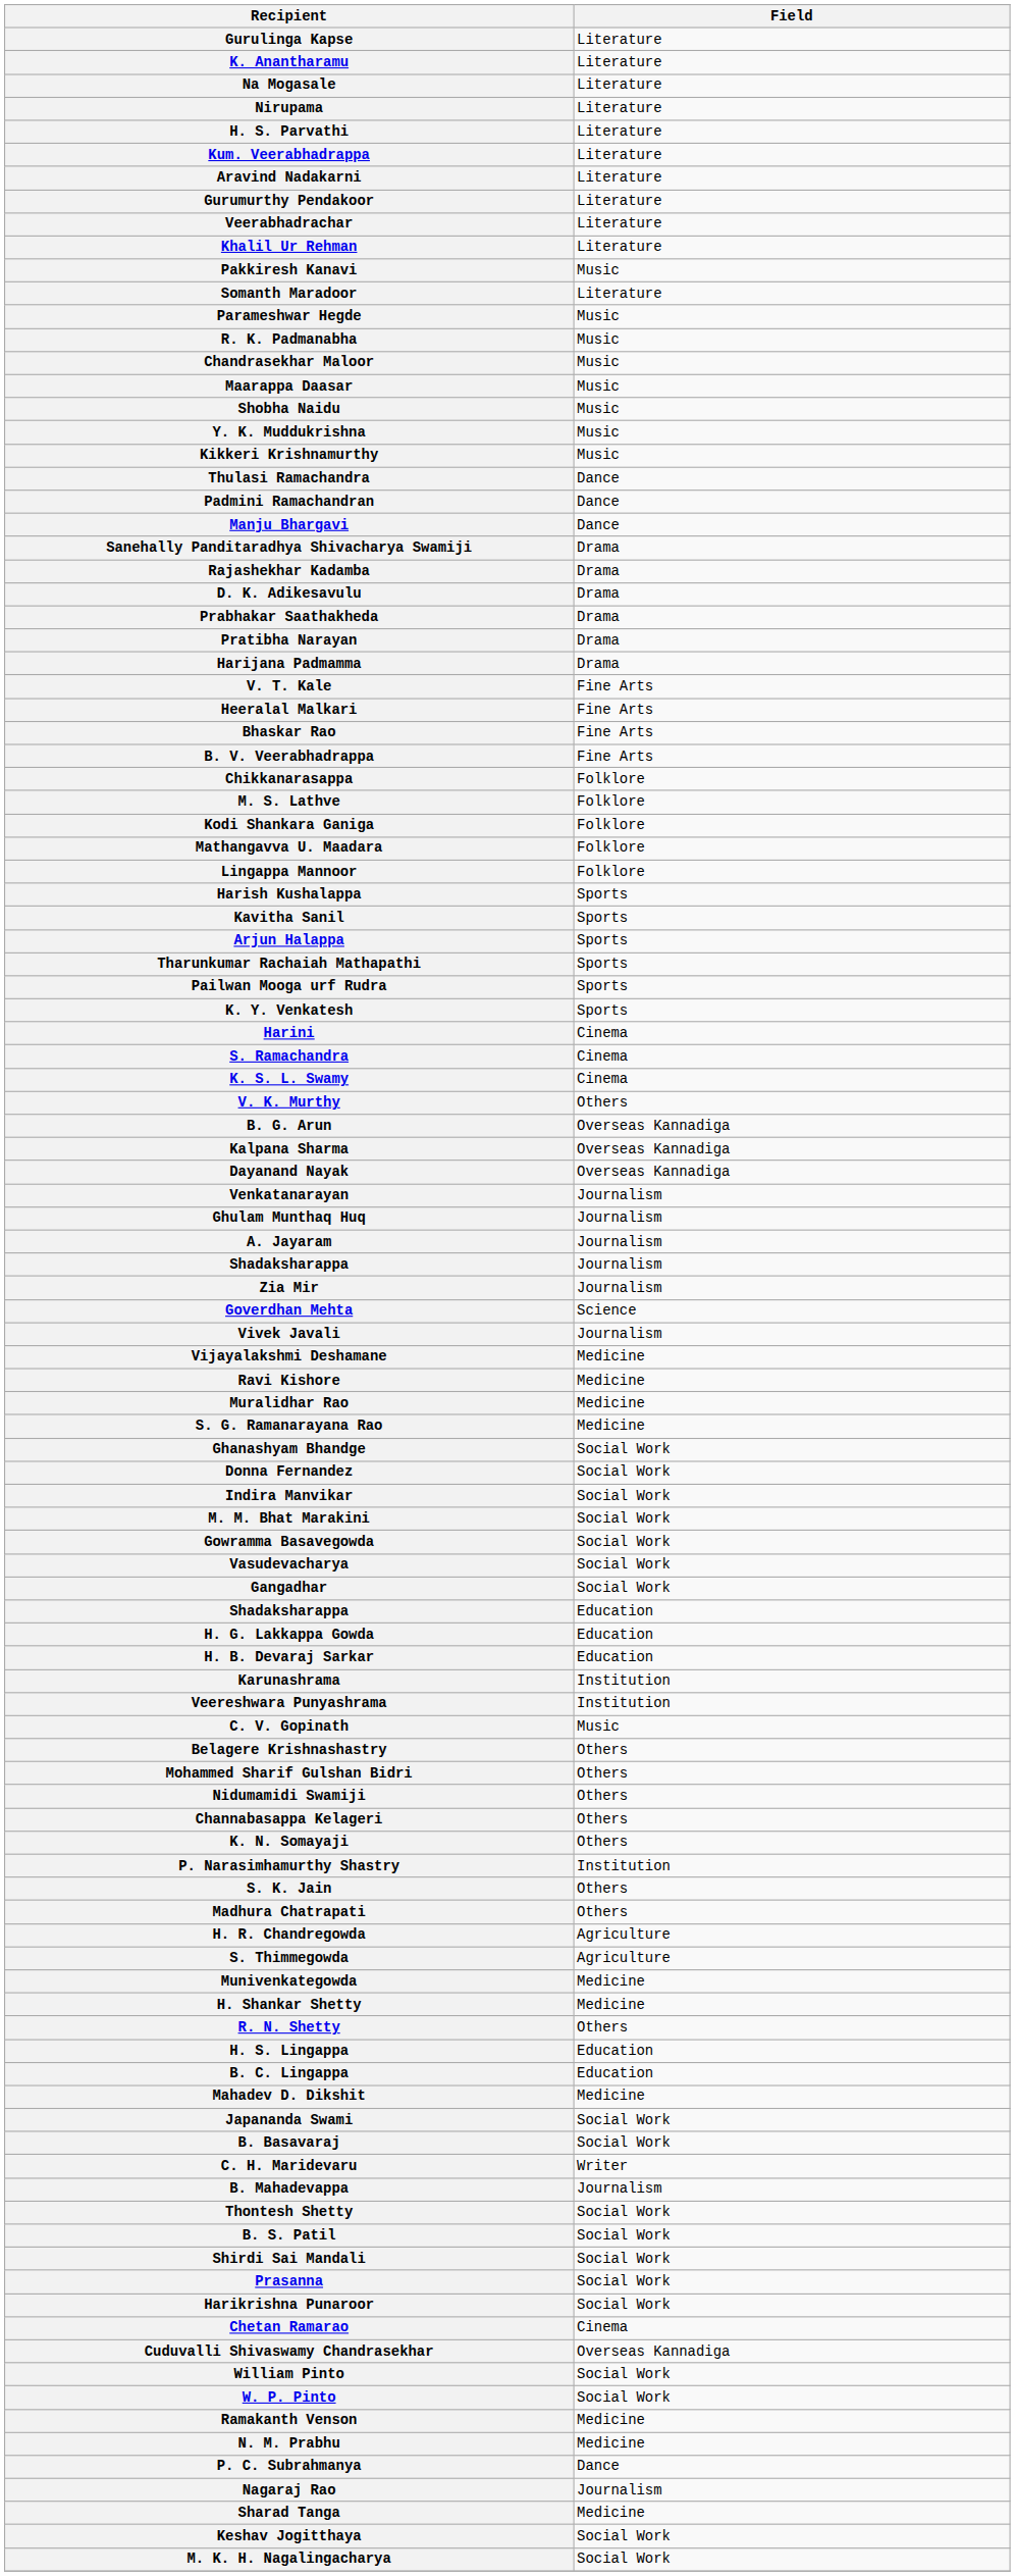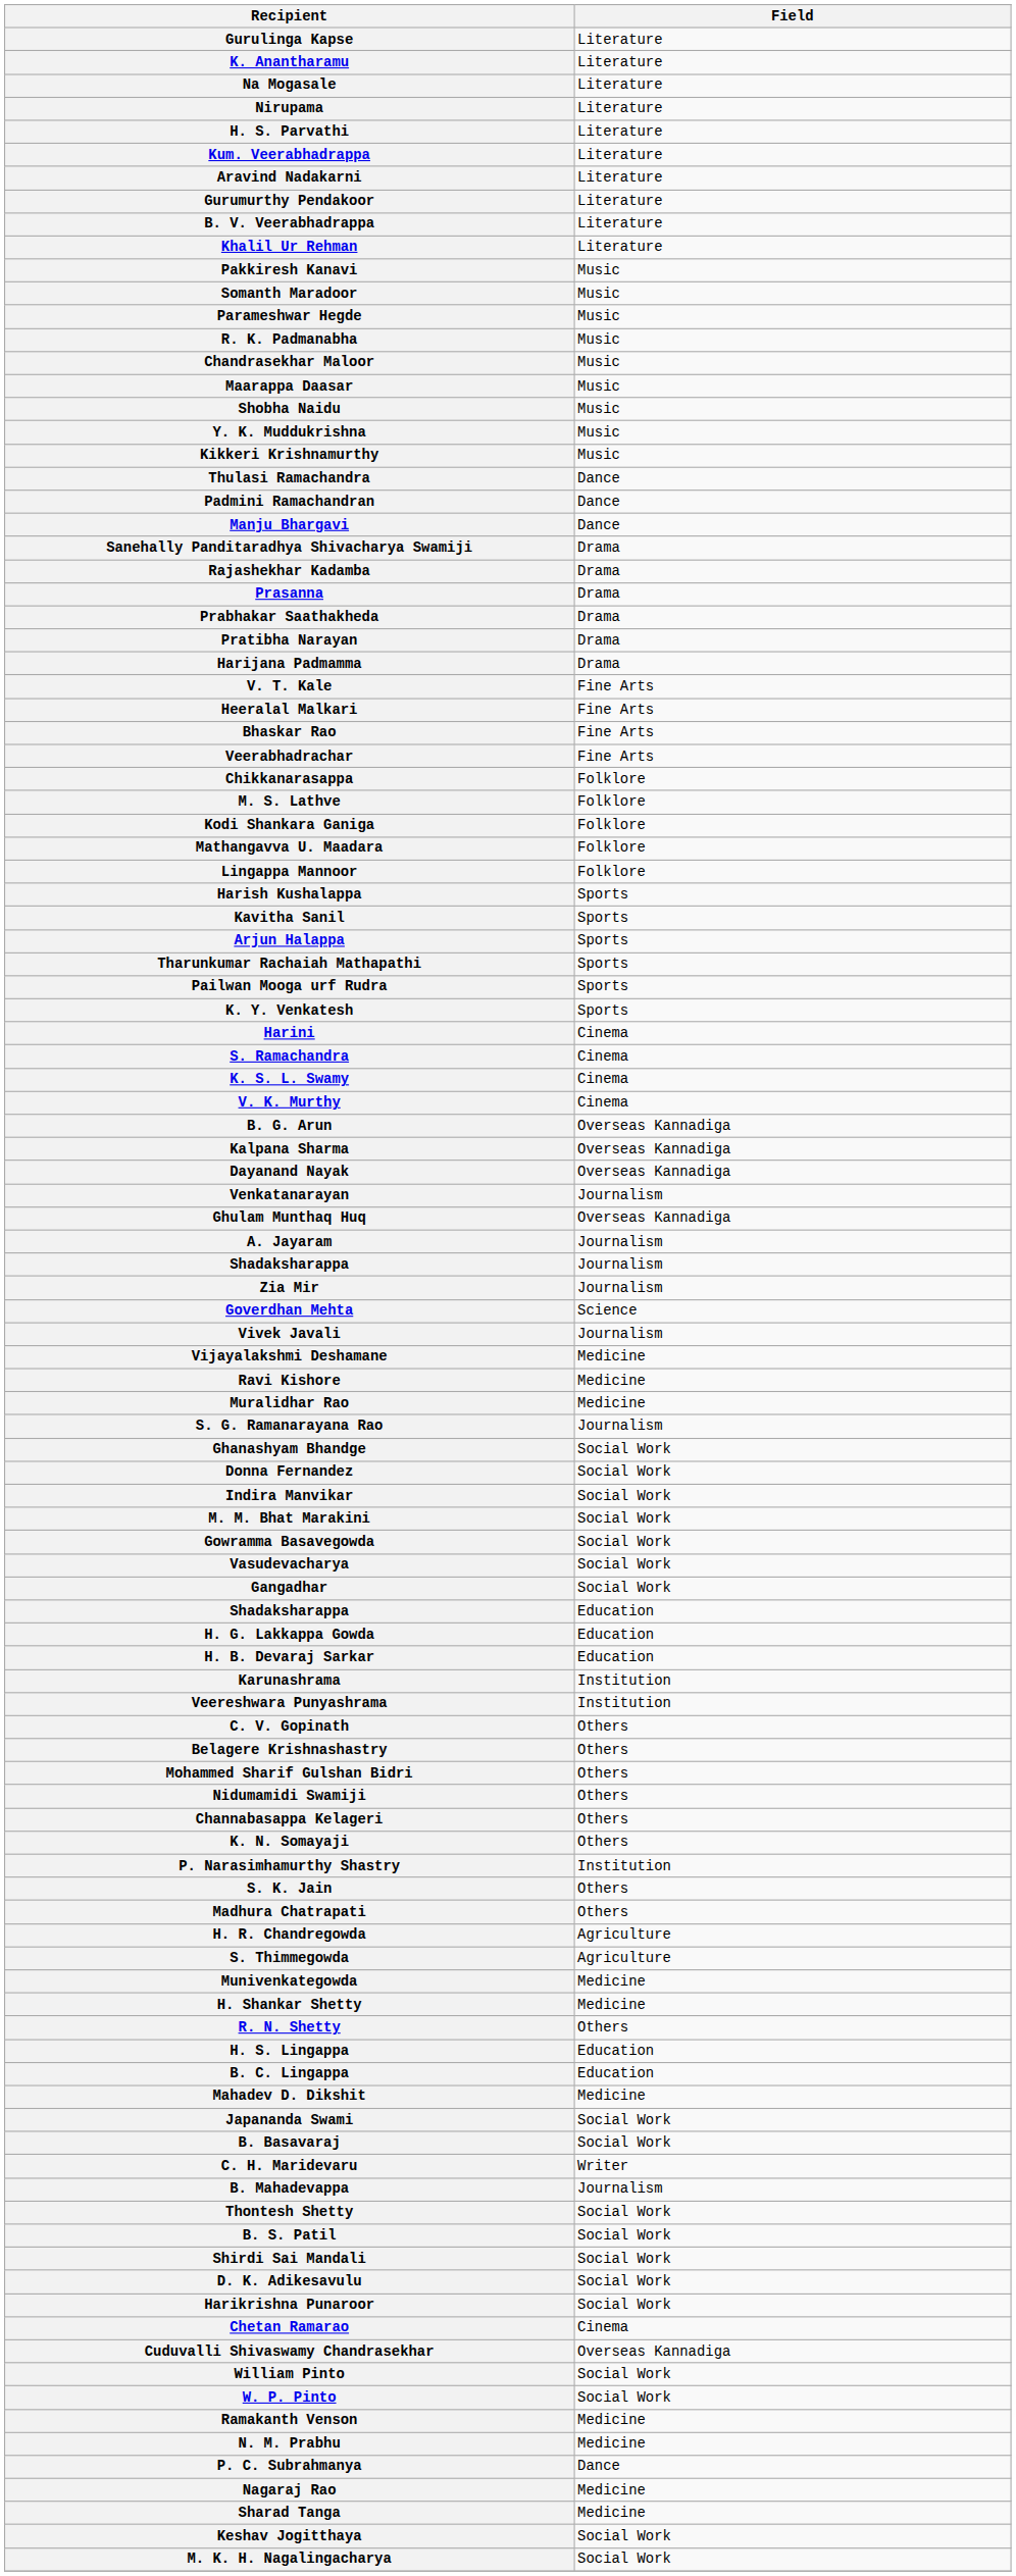 <table class="wikitable plainrowheaders sortable" style="width:73%">
 <tr>
 <th scope="col" style="width:30%">Recipient</th>
 <th scope="col" style="width:23%">Field</th>
 </tr>
 <tr>
 <th scope="row">Gurulinga Kapse</th>
 <td>Literature</td>
 </tr>
 <tr>
 <th scope="row"><a href='#'>K. Anantharamu</a></th>
 <td>Literature</td>
 </tr>
 <tr>
 <th scope="row">Na Mogasale</th>
 <td>Literature</td>
 </tr>
 <tr>
 <th scope="row">Nirupama</th>
 <td>Literature</td>
 </tr>
 <tr>
 <th scope="row">H. S. Parvathi</th>
 <td>Literature</td>
 </tr>
 <tr>
 <th scope="row"><a href='#'>Kum. Veerabhadrappa</a></th>
 <td>Literature</td>
 </tr>
 <tr>
 <th scope="row">Aravind Nadakarni</th>
 <td>Literature</td>
 </tr>
 <tr>
 <th scope="row">Gurumurthy Pendakoor</th>
 <td>Literature</td>
 </tr>
 <tr>
-<th scope="row">Veerabhadrachar</th>
+<th scope="row">B. V. Veerabhadrappa</th>
 <td>Literature</td>
 </tr>
 <tr>
 <th scope="row"><a href='#'>Khalil Ur Rehman</a></th>
 <td>Literature</td>
 </tr>
 <tr>
 <th scope="row">Pakkiresh Kanavi</th>
 <td>Music</td>
 </tr>
 <tr>
 <th scope="row">Somanth Maradoor</th>
-<td>Literature</td>
+<td>Music</td>
 </tr>
 <tr>
 <th scope="row">Parameshwar Hegde</th>
 <td>Music</td>
 </tr>
 <tr>
 <th scope="row">R. K. Padmanabha</th>
 <td>Music</td>
 </tr>
 <tr>
 <th scope="row">Chandrasekhar Maloor</th>
 <td>Music</td>
 </tr>
 <tr>
 <th scope="row">Maarappa Daasar</th>
 <td>Music</td>
 </tr>
 <tr>
 <th scope="row">Shobha Naidu</th>
 <td>Music</td>
 </tr>
 <tr>
 <th scope="row">Y. K. Muddukrishna</th>
 <td>Music</td>
 </tr>
 <tr>
 <th scope="row">Kikkeri Krishnamurthy</th>
 <td>Music</td>
 </tr>
 <tr>
 <th scope="row">Thulasi Ramachandra</th>
 <td>Dance</td>
 </tr>
 <tr>
 <th scope="row">Padmini Ramachandran</th>
 <td>Dance</td>
 </tr>
 <tr>
 <th scope="row"><a href='#'>Manju Bhargavi</a></th>
 <td>Dance</td>
 </tr>
 <tr>
 <th scope="row">Sanehally Panditaradhya Shivacharya Swamiji</th>
 <td>Drama</td>
 </tr>
 <tr>
 <th scope="row">Rajashekhar Kadamba</th>
 <td>Drama</td>
 </tr>
 <tr>
-<th scope="row">D. K. Adikesavulu</th>
+<th scope="row"><a href='#'>Prasanna</a></th>
 <td>Drama</td>
 </tr>
 <tr>
 <th scope="row">Prabhakar Saathakheda</th>
 <td>Drama</td>
 </tr>
 <tr>
 <th scope="row">Pratibha Narayan</th>
 <td>Drama</td>
 </tr>
 <tr>
 <th scope="row">Harijana Padmamma</th>
 <td>Drama</td>
 </tr>
 <tr>
 <th scope="row">V. T. Kale</th>
 <td>Fine Arts</td>
 </tr>
 <tr>
 <th scope="row">Heeralal Malkari</th>
 <td>Fine Arts</td>
 </tr>
 <tr>
 <th scope="row">Bhaskar Rao</th>
 <td>Fine Arts</td>
 </tr>
 <tr>
-<th scope="row">B. V. Veerabhadrappa</th>
+<th scope="row">Veerabhadrachar</th>
 <td>Fine Arts</td>
 </tr>
 <tr>
 <th scope="row">Chikkanarasappa</th>
 <td>Folklore</td>
 </tr>
 <tr>
 <th scope="row">M. S. Lathve</th>
 <td>Folklore</td>
 </tr>
 <tr>
 <th scope="row">Kodi Shankara Ganiga</th>
 <td>Folklore</td>
 </tr>
 <tr>
 <th scope="row">Mathangavva U. Maadara</th>
 <td>Folklore</td>
 </tr>
 <tr>
 <th scope="row">Lingappa Mannoor</th>
 <td>Folklore</td>
 </tr>
 <tr>
 <th scope="row">Harish Kushalappa</th>
 <td>Sports</td>
 </tr>
 <tr>
 <th scope="row">Kavitha Sanil</th>
 <td>Sports</td>
 </tr>
 <tr>
 <th scope="row"><a href='#'>Arjun Halappa</a></th>
 <td>Sports</td>
 </tr>
 <tr>
 <th scope="row">Tharunkumar Rachaiah Mathapathi</th>
 <td>Sports</td>
 </tr>
 <tr>
 <th scope="row">Pailwan Mooga urf Rudra</th>
 <td>Sports</td>
 </tr>
 <tr>
 <th scope="row">K. Y. Venkatesh</th>
 <td>Sports</td>
 </tr>
 <tr>
 <th scope="row"><a href='#'>Harini</a></th>
 <td>Cinema</td>
 </tr>
 <tr>
 <th scope="row"><a href='#'>S. Ramachandra</a></th>
 <td>Cinema</td>
 </tr>
 <tr>
 <th scope="row"><a href='#'>K. S. L. Swamy</a></th>
 <td>Cinema</td>
 </tr>
 <tr>
 <th scope="row"><a href='#'>V. K. Murthy</a></th>
-<td>Others</td>
+<td>Cinema</td>
 </tr>
 <tr>
 <th scope="row">B. G. Arun</th>
 <td>Overseas Kannadiga</td>
 </tr>
 <tr>
 <th scope="row">Kalpana Sharma</th>
 <td>Overseas Kannadiga</td>
 </tr>
 <tr>
 <th scope="row">Dayanand Nayak</th>
 <td>Overseas Kannadiga</td>
 </tr>
 <tr>
 <th scope="row">Venkatanarayan</th>
 <td>Journalism</td>
 </tr>
 <tr>
 <th scope="row">Ghulam Munthaq Huq</th>
-<td>Journalism</td>
+<td>Overseas Kannadiga</td>
 </tr>
 <tr>
 <th scope="row">A. Jayaram</th>
 <td>Journalism</td>
 </tr>
 <tr>
 <th scope="row">Shadaksharappa</th>
 <td>Journalism</td>
 </tr>
 <tr>
 <th scope="row">Zia Mir</th>
 <td>Journalism</td>
 </tr>
 <tr>
 <th scope="row"><a href='#'>Goverdhan Mehta</a></th>
 <td>Science</td>
 </tr>
 <tr>
 <th scope="row">Vivek Javali</th>
 <td>Journalism</td>
 </tr>
 <tr>
 <th scope="row">Vijayalakshmi Deshamane</th>
 <td>Medicine</td>
 </tr>
 <tr>
 <th scope="row">Ravi Kishore</th>
 <td>Medicine</td>
 </tr>
 <tr>
 <th scope="row">Muralidhar Rao</th>
 <td>Medicine</td>
 </tr>
 <tr>
 <th scope="row">S. G. Ramanarayana Rao</th>
-<td>Medicine</td>
+<td>Journalism</td>
 </tr>
 <tr>
 <th scope="row">Ghanashyam Bhandge</th>
 <td>Social Work</td>
 </tr>
 <tr>
 <th scope="row">Donna Fernandez</th>
 <td>Social Work</td>
 </tr>
 <tr>
 <th scope="row">Indira Manvikar</th>
 <td>Social Work</td>
 </tr>
 <tr>
 <th scope="row">M. M. Bhat Marakini</th>
 <td>Social Work</td>
 </tr>
 <tr>
 <th scope="row">Gowramma Basavegowda</th>
 <td>Social Work</td>
 </tr>
 <tr>
 <th scope="row">Vasudevacharya</th>
 <td>Social Work</td>
 </tr>
 <tr>
 <th scope="row">Gangadhar</th>
 <td>Social Work</td>
 </tr>
 <tr>
 <th scope="row">Shadaksharappa</th>
 <td>Education</td>
 </tr>
 <tr>
 <th scope="row">H. G. Lakkappa Gowda</th>
 <td>Education</td>
 </tr>
 <tr>
 <th scope="row">H. B. Devaraj Sarkar</th>
 <td>Education</td>
 </tr>
 <tr>
 <th scope="row">Karunashrama</th>
 <td>Institution</td>
 </tr>
 <tr>
 <th scope="row">Veereshwara Punyashrama</th>
 <td>Institution</td>
 </tr>
 <tr>
 <th scope="row">C. V. Gopinath</th>
-<td>Music</td>
+<td>Others</td>
 </tr>
 <tr>
 <th scope="row">Belagere Krishnashastry</th>
 <td>Others</td>
 </tr>
 <tr>
 <th scope="row">Mohammed Sharif Gulshan Bidri</th>
 <td>Others</td>
 </tr>
 <tr>
 <th scope="row">Nidumamidi Swamiji</th>
 <td>Others</td>
 </tr>
 <tr>
 <th scope="row">Channabasappa Kelageri</th>
 <td>Others</td>
 </tr>
 <tr>
 <th scope="row">K. N. Somayaji</th>
 <td>Others</td>
 </tr>
 <tr>
 <th scope="row">P. Narasimhamurthy Shastry</th>
 <td>Institution</td>
 </tr>
 <tr>
 <th scope="row">S. K. Jain</th>
 <td>Others</td>
 </tr>
 <tr>
 <th scope="row">Madhura Chatrapati</th>
 <td>Others</td>
 </tr>
 <tr>
 <th scope="row">H. R. Chandregowda</th>
 <td>Agriculture</td>
 </tr>
 <tr>
 <th scope="row">S. Thimmegowda</th>
 <td>Agriculture</td>
 </tr>
 <tr>
 <th scope="row">Munivenkategowda</th>
 <td>Medicine</td>
 </tr>
 <tr>
 <th scope="row">H. Shankar Shetty</th>
 <td>Medicine</td>
 </tr>
 <tr>
 <th scope="row"><a href='#'>R. N. Shetty</a></th>
 <td>Others</td>
 </tr>
 <tr>
 <th scope="row">H. S. Lingappa</th>
 <td>Education</td>
 </tr>
 <tr>
 <th scope="row">B. C. Lingappa</th>
 <td>Education</td>
 </tr>
 <tr>
 <th scope="row">Mahadev D. Dikshit</th>
 <td>Medicine</td>
 </tr>
 <tr>
 <th scope="row">Japananda Swami</th>
 <td>Social Work</td>
 </tr>
 <tr>
 <th scope="row">B. Basavaraj</th>
 <td>Social Work</td>
 </tr>
 <tr>
 <th scope="row">C. H. Maridevaru</th>
 <td>Writer</td>
 </tr>
 <tr>
 <th scope="row">B. Mahadevappa</th>
 <td>Journalism</td>
 </tr>
 <tr>
 <th scope="row">Thontesh Shetty</th>
 <td>Social Work</td>
 </tr>
 <tr>
 <th scope="row">B. S. Patil</th>
 <td>Social Work</td>
 </tr>
 <tr>
 <th scope="row">Shirdi Sai Mandali</th>
 <td>Social Work</td>
 </tr>
 <tr>
-<th scope="row"><a href='#'>Prasanna</a></th>
+<th scope="row">D. K. Adikesavulu</th>
 <td>Social Work</td>
 </tr>
 <tr>
 <th scope="row">Harikrishna Punaroor</th>
 <td>Social Work</td>
 </tr>
 <tr>
 <th scope="row"><a href='#'>Chetan Ramarao</a></th>
 <td>Cinema</td>
 </tr>
 <tr>
 <th scope="row">Cuduvalli Shivaswamy Chandrasekhar</th>
 <td>Overseas Kannadiga</td>
 </tr>
 <tr>
 <th scope="row">William Pinto</th>
 <td>Social Work</td>
 </tr>
 <tr>
 <th scope="row"><a href='#'>W. P. Pinto</a></th>
 <td>Social Work</td>
 </tr>
 <tr>
 <th scope="row">Ramakanth Venson</th>
 <td>Medicine</td>
 </tr>
 <tr>
 <th scope="row">N. M. Prabhu</th>
 <td>Medicine</td>
 </tr>
 <tr>
 <th scope="row">P. C. Subrahmanya</th>
 <td>Dance</td>
 </tr>
 <tr>
 <th scope="row">Nagaraj Rao</th>
-<td>Journalism</td>
+<td>Medicine</td>
 </tr>
 <tr>
 <th scope="row">Sharad Tanga</th>
 <td>Medicine</td>
 </tr>
 <tr>
 <th scope="row">Keshav Jogitthaya</th>
 <td>Social Work</td>
 </tr>
 <tr>
 <th scope="row">M. K. H. Nagalingacharya</th>
 <td>Social Work</td>
 </tr>
 <tr>
 </tr>
 </table>
